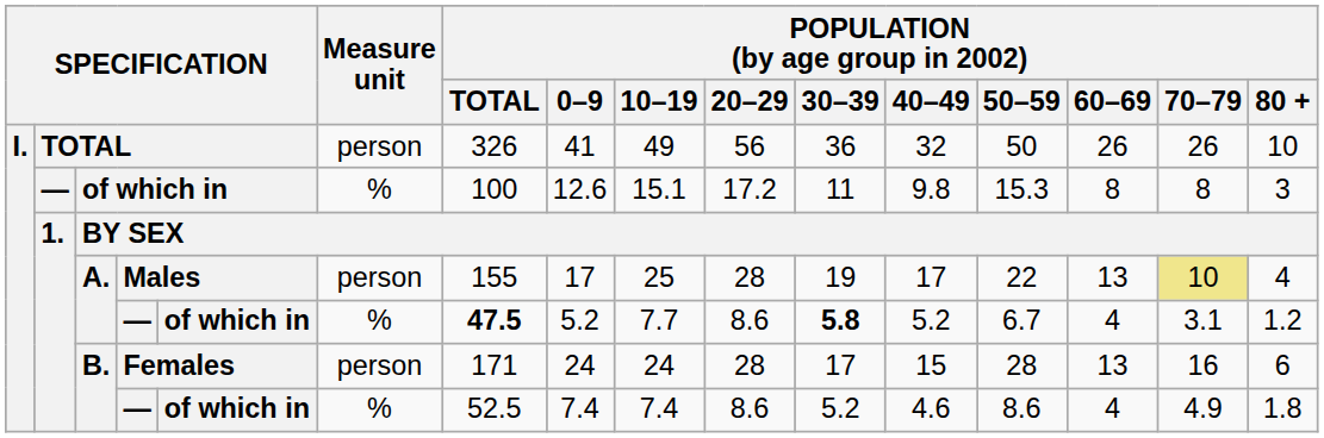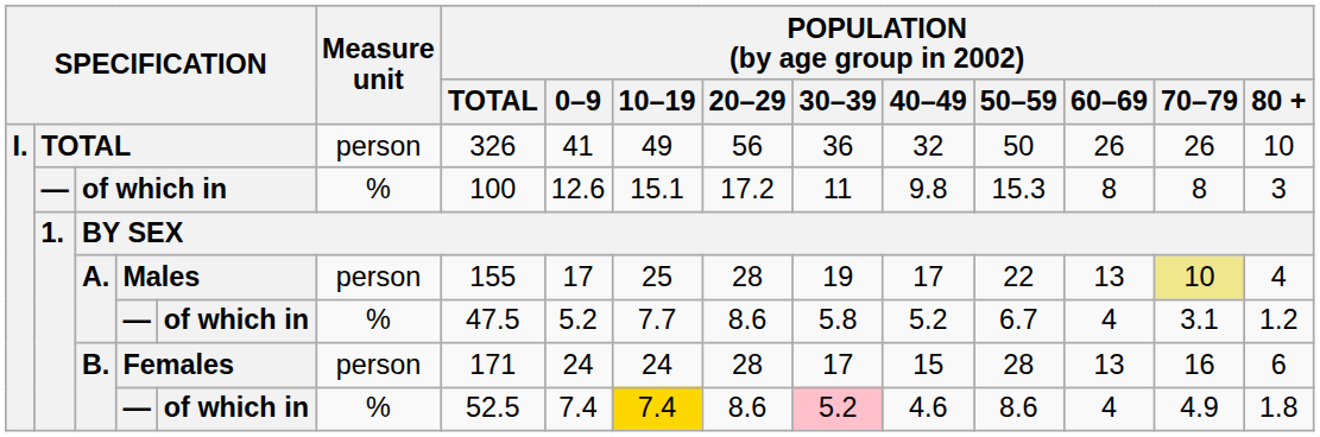 <table class="wikitable" style="font-size:85%; text-align:center">
 <tr>
 <th rowspan="2" colspan="5">SPECIFICATION</th>
 <th rowspan="2">Measure<br> unit</th>
 <th colspan="10" rowspan="1">POPULATION<br> (by age group in 2002)</th>
 </tr>
 <tr>
 <th>TOTAL</th>
 <th>0–9</th>
 <th>10–19</th>
 <th>20–29</th>
 <th>30–39</th>
 <th>40–49</th>
 <th>50–59</th>
 <th>60–69</th>
 <th>70–79</th>
 <th>80 +</th>
 </tr>
 <tr>
 <th style="text-align:left" valign="top" rowspan="7">I.</th>
 <th style="text-align:left" colspan="4">TOTAL</th>
 <td>person</td>
 <td>326</td>
 <td>41</td>
 <td>49</td>
 <td>56</td>
 <td>36</td>
 <td>32</td>
 <td>50</td>
 <td>26</td>
 <td>26</td>
 <td>10</td>
 </tr>
 <tr>
 <th style="text-align:left" valign="top">—</th>
 <th style="text-align:left" colspan="3">of which in</th>
 <td>%</td>
 <td>100</td>
 <td>12.6</td>
 <td>15.1</td>
 <td>17.2</td>
 <td>11</td>
 <td>9.8</td>
 <td>15.3</td>
 <td>8</td>
 <td>8</td>
 <td>3</td>
 </tr>
 <tr>
 <th style="text-align:left" valign="top" rowspan="5">1.</th>
 <th style="text-align:left" colspan="14">BY SEX</th>
 </tr>
 <tr>
 <th style="text-align:left" valign="top" rowspan="2">A.</th>
 <th style="text-align:left" colspan="2">Males</th>
 <td>person</td>
 <td>155</td>
 <td>17</td>
 <td>25</td>
 <td>28</td>
 <td>19</td>
 <td>17</td>
 <td>22</td>
 <td>13</td>
 <td style="background: khaki;">10</td>
 <td>4</td>
 </tr>
 <tr>
 <th style="text-align:left" valign="top">—</th>
 <th style="text-align:left" colspan="1">of which in</th>
 <td>%</td>
-<td><strong>47.5</strong></td>
+<td>47.5</td>
 <td>5.2</td>
 <td>7.7</td>
 <td>8.6</td>
-<td><strong>5.8</strong></td>
+<td>5.8</td>
 <td>5.2</td>
 <td>6.7</td>
 <td>4</td>
 <td>3.1</td>
 <td>1.2</td>
 </tr>
 <tr>
 <th style="text-align:left" valign="top" rowspan="2">B.</th>
 <th style="text-align:left" colspan="2">Females</th>
 <td>person</td>
 <td>171</td>
 <td>24</td>
 <td>24</td>
 <td>28</td>
 <td>17</td>
 <td>15</td>
 <td>28</td>
 <td>13</td>
 <td>16</td>
 <td>6</td>
 </tr>
 <tr>
 <th style="text-align:left" valign="top">—</th>
 <th style="text-align:left" colspan="1">of which in</th>
 <td>%</td>
 <td>52.5</td>
 <td>7.4</td>
-<td>7.4</td>
+<td style="background: gold;">7.4</td>
 <td>8.6</td>
-<td>5.2</td>
+<td style="background: pink;">5.2</td>
 <td>4.6</td>
 <td>8.6</td>
 <td>4</td>
 <td>4.9</td>
 <td>1.8</td>
 </tr>
 </table>
